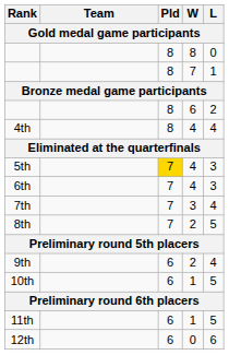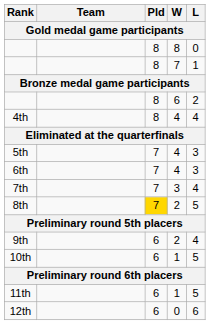 <table class=wikitable>
 <tr>
 <th>Rank</th>
 <th width=150px>Team</th>
 <th width=20px>Pld</th>
 <th width=20px>W</th>
 <th width=20px>L</th>
 </tr>
 <tr>
 <th colspan=11>Gold medal game participants</th>
 </tr>
 <tr align=center>
 <td></td>
 <td align=left></td>
 <td>8</td>
 <td>8</td>
 <td>0</td>
 </tr>
 <tr align=center>
 <td></td>
 <td align=left></td>
 <td>8</td>
 <td>7</td>
 <td>1</td>
 </tr>
 <tr>
 <th colspan=11>Bronze medal game participants</th>
 </tr>
 <tr align=center>
 <td></td>
 <td align=left></td>
 <td>8</td>
 <td>6</td>
 <td>2</td>
 </tr>
 <tr align=center>
 <td>4th</td>
 <td align=left></td>
 <td>8</td>
 <td>4</td>
 <td>4</td>
 </tr>
 <tr>
 <th colspan=11>Eliminated at the quarterfinals</th>
 </tr>
 <tr align=center>
 <td>5th</td>
 <td align=left></td>
-<td style="background: gold;">7</td>
+<td>7</td>
 <td>4</td>
 <td>3</td>
 </tr>
 <tr align=center>
 <td>6th</td>
 <td align=left></td>
 <td>7</td>
 <td>4</td>
 <td>3</td>
 </tr>
 <tr align=center>
 <td>7th</td>
 <td align=left></td>
 <td>7</td>
 <td>3</td>
 <td>4</td>
 </tr>
 <tr align=center>
 <td>8th</td>
 <td align=left></td>
-<td>7</td>
+<td style="background: gold;">7</td>
 <td>2</td>
 <td>5</td>
 </tr>
 <tr>
 <th colspan=11>Preliminary round 5th placers</th>
 </tr>
 <tr align=center>
 <td>9th</td>
 <td align=left></td>
 <td>6</td>
 <td>2</td>
 <td>4</td>
 </tr>
 <tr align=center>
 <td>10th</td>
 <td align=left></td>
 <td>6</td>
 <td>1</td>
 <td>5</td>
 </tr>
 <tr>
 <th colspan=11>Preliminary round 6th placers</th>
 </tr>
 <tr align=center>
 <td>11th</td>
 <td align=left></td>
 <td>6</td>
 <td>1</td>
 <td>5</td>
 </tr>
 <tr align=center>
 <td>12th</td>
 <td align=left></td>
 <td>6</td>
 <td>0</td>
 <td>6</td>
 </tr>
 </table>
